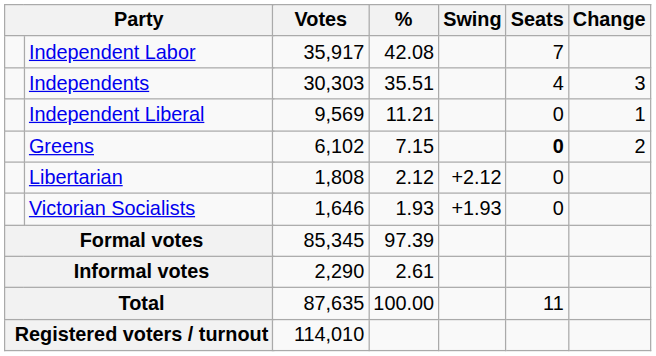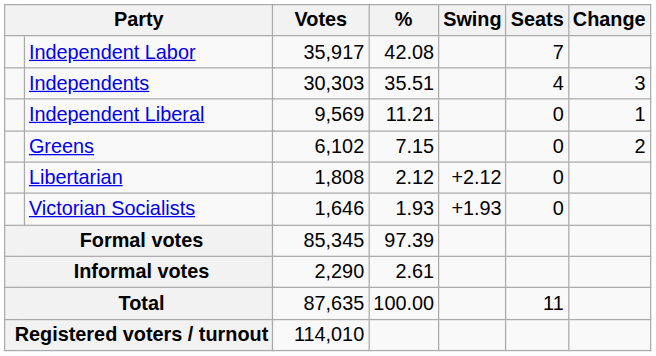 <table class="wikitable" style="text-align:right; margin-bottom:0">
 <tr>
 <th style="width:10px" colspan=3>Party</th>
 <th style="width:70px;">Votes</th>
 <th style="width:40px;">%</th>
 <th style="width:40px;">Swing</th>
 <th style="width:40px;">Seats</th>
 <th style="width:40px;">Change</th>
 </tr>
 <tr>
 <td> </td>
 <td style="text-align:left;" colspan="2"><a href='#'>Independent Labor</a></td>
 <td>35,917</td>
 <td>42.08</td>
 <td></td>
 <td>7</td>
 <td></td>
 </tr>
 <tr>
 <td> </td>
 <td style="text-align:left;" colspan="2"><a href='#'>Independents</a></td>
 <td>30,303</td>
 <td>35.51</td>
 <td></td>
 <td>4</td>
 <td> 3</td>
 </tr>
 <tr>
 <td> </td>
 <td style="text-align:left;" colspan="2"><a href='#'>Independent Liberal</a></td>
 <td>9,569</td>
 <td>11.21</td>
 <td></td>
 <td>0</td>
 <td> 1</td>
 </tr>
 <tr>
 <td> </td>
 <td style="text-align:left;" colspan="2"><a href='#'>Greens</a></td>
 <td>6,102</td>
 <td>7.15</td>
 <td></td>
-<td><strong>0</strong></td>
+<td>0</td>
 <td> 2</td>
 </tr>
 <tr>
 <td> </td>
 <td colspan="2" style="text-align:left;"><a href='#'>Libertarian</a></td>
 <td>1,808</td>
 <td>2.12</td>
 <td>+2.12</td>
 <td>0</td>
 <td></td>
 </tr>
 <tr>
 <td> </td>
 <td style="text-align:left;" colspan="2"><a href='#'>Victorian Socialists</a></td>
 <td>1,646</td>
 <td>1.93</td>
 <td>+1.93</td>
 <td>0</td>
 <td></td>
 </tr>
 <tr>
 <th colspan="3" rowspan="1"> Formal votes</th>
 <td>85,345</td>
 <td>97.39</td>
 <td></td>
 <td></td>
 <td></td>
 </tr>
 <tr>
 <th colspan="3" rowspan="1"> Informal votes</th>
 <td>2,290</td>
 <td>2.61</td>
 <td></td>
 <td></td>
 <td></td>
 </tr>
 <tr>
 <th colspan="3" rowspan="1"> Total</th>
 <td>87,635</td>
 <td>100.00</td>
 <td></td>
 <td>11</td>
 <td></td>
 </tr>
 <tr>
 <th colspan="3" rowspan="1"> Registered voters / turnout</th>
 <td>114,010</td>
 <td></td>
 <td></td>
 <td></td>
 <td></td>
 </tr>
 </table>
